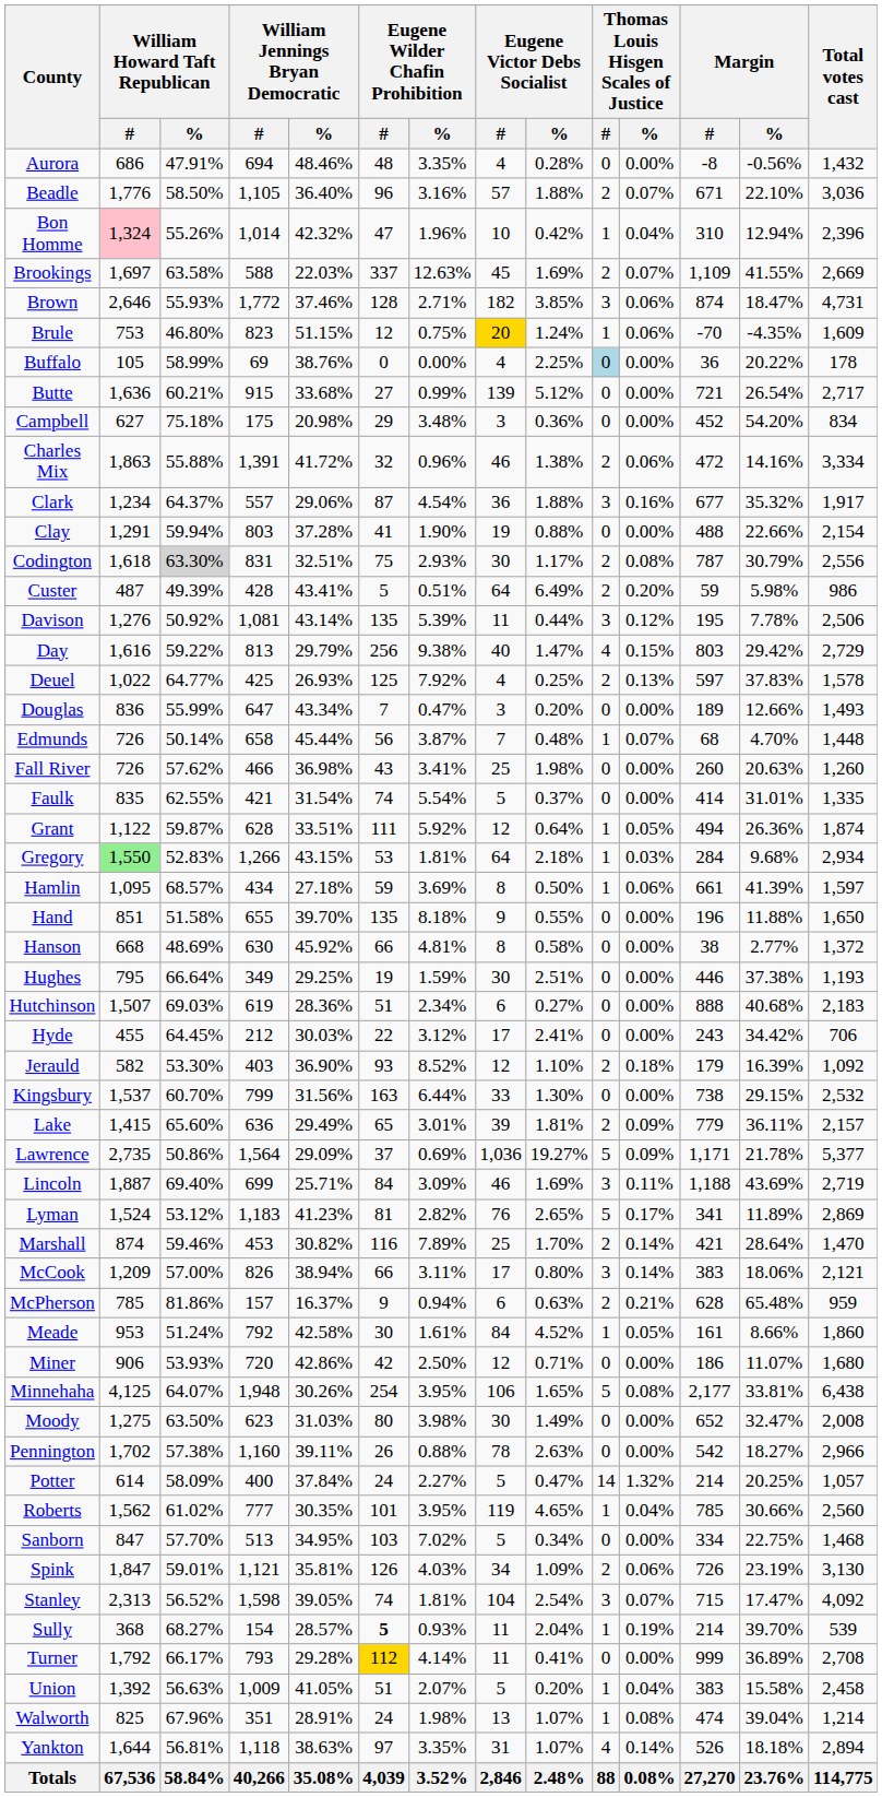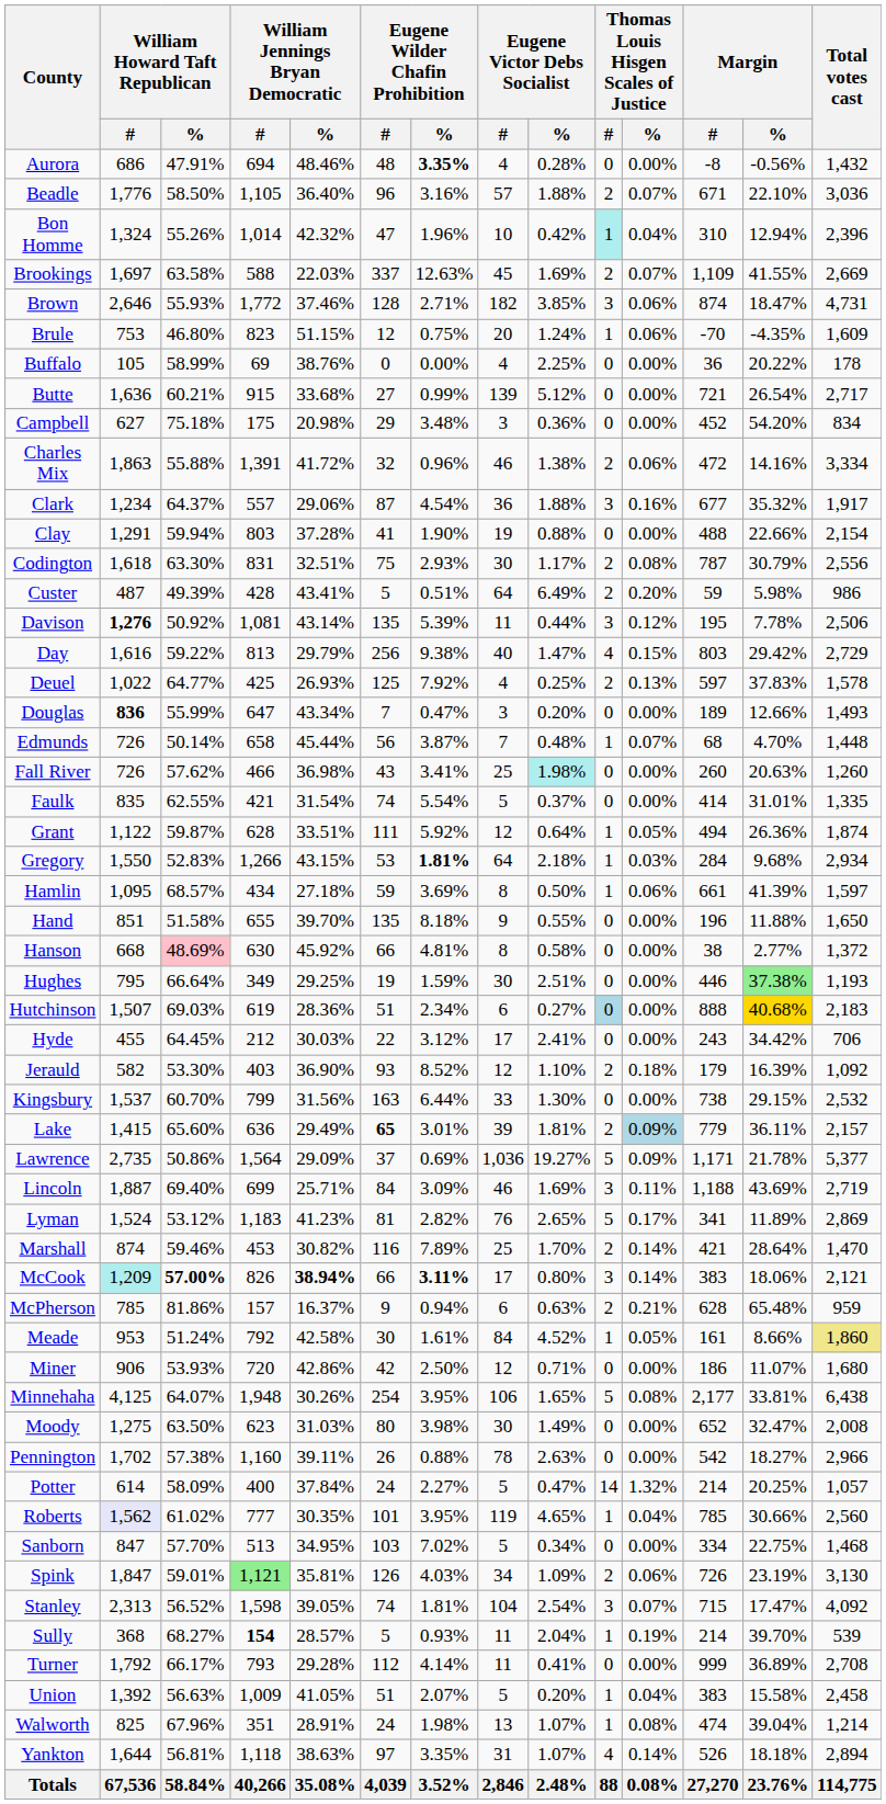 <table class="wikitable sortable">
 <tr>
 <th rowspan="2">County</th>
 <th colspan="2">William Howard Taft<br>Republican</th>
 <th colspan="2">William Jennings Bryan<br>Democratic</th>
 <th colspan="2">Eugene Wilder Chafin<br>Prohibition</th>
 <th colspan="2">Eugene Victor Debs<br>Socialist</th>
 <th colspan="2">Thomas Louis Hisgen<br>Scales of Justice</th>
 <th colspan="2">Margin</th>
 <th rowspan="2">Total votes cast</th>
 </tr>
 <tr bgcolor="lightgrey">
 <th data-sort-type="number">#</th>
 <th data-sort-type="number">%</th>
 <th data-sort-type="number">#</th>
 <th data-sort-type="number">%</th>
 <th data-sort-type="number">#</th>
 <th data-sort-type="number">%</th>
 <th data-sort-type="number">#</th>
 <th data-sort-type="number">%</th>
 <th data-sort-type="number">#</th>
 <th data-sort-type="number">%</th>
 <th data-sort-type="number">#</th>
 <th data-sort-type="number">%</th>
 </tr>
 <tr style="text-align:center;">
 <td><a href='#'>Aurora</a></td>
 <td>686</td>
 <td>47.91%</td>
 <td>694</td>
 <td>48.46%</td>
 <td>48</td>
-<td>3.35%</td>
+<td><strong>3.35%</strong></td>
 <td>4</td>
 <td>0.28%</td>
 <td>0</td>
 <td>0.00%</td>
 <td>-8</td>
 <td>-0.56%</td>
 <td>1,432</td>
 </tr>
 <tr style="text-align:center;">
 <td><a href='#'>Beadle</a></td>
 <td>1,776</td>
 <td>58.50%</td>
 <td>1,105</td>
 <td>36.40%</td>
 <td>96</td>
 <td>3.16%</td>
 <td>57</td>
 <td>1.88%</td>
 <td>2</td>
 <td>0.07%</td>
 <td>671</td>
 <td>22.10%</td>
 <td>3,036</td>
 </tr>
 <tr style="text-align:center;">
 <td><a href='#'>Bon Homme</a></td>
-<td style="background: pink;">1,324</td>
+<td>1,324</td>
 <td>55.26%</td>
 <td>1,014</td>
 <td>42.32%</td>
 <td>47</td>
 <td>1.96%</td>
 <td>10</td>
 <td>0.42%</td>
-<td>1</td>
+<td style="background: paleturquoise;">1</td>
 <td>0.04%</td>
 <td>310</td>
 <td>12.94%</td>
 <td>2,396</td>
 </tr>
 <tr style="text-align:center;">
 <td><a href='#'>Brookings</a></td>
 <td>1,697</td>
 <td>63.58%</td>
 <td>588</td>
 <td>22.03%</td>
 <td>337</td>
 <td>12.63%</td>
 <td>45</td>
 <td>1.69%</td>
 <td>2</td>
 <td>0.07%</td>
 <td>1,109</td>
 <td>41.55%</td>
 <td>2,669</td>
 </tr>
 <tr style="text-align:center;">
 <td><a href='#'>Brown</a></td>
 <td>2,646</td>
 <td>55.93%</td>
 <td>1,772</td>
 <td>37.46%</td>
 <td>128</td>
 <td>2.71%</td>
 <td>182</td>
 <td>3.85%</td>
 <td>3</td>
 <td>0.06%</td>
 <td>874</td>
 <td>18.47%</td>
 <td>4,731</td>
 </tr>
 <tr style="text-align:center;">
 <td><a href='#'>Brule</a></td>
 <td>753</td>
 <td>46.80%</td>
 <td>823</td>
 <td>51.15%</td>
 <td>12</td>
 <td>0.75%</td>
-<td style="background: gold;">20</td>
+<td>20</td>
 <td>1.24%</td>
 <td>1</td>
 <td>0.06%</td>
 <td>-70</td>
 <td>-4.35%</td>
 <td>1,609</td>
 </tr>
 <tr style="text-align:center;">
 <td><a href='#'>Buffalo</a></td>
 <td>105</td>
 <td>58.99%</td>
 <td>69</td>
 <td>38.76%</td>
 <td>0</td>
 <td>0.00%</td>
 <td>4</td>
 <td>2.25%</td>
-<td style="background: lightblue;">0</td>
+<td>0</td>
 <td>0.00%</td>
 <td>36</td>
 <td>20.22%</td>
 <td>178</td>
 </tr>
 <tr style="text-align:center;">
 <td><a href='#'>Butte</a></td>
 <td>1,636</td>
 <td>60.21%</td>
 <td>915</td>
 <td>33.68%</td>
 <td>27</td>
 <td>0.99%</td>
 <td>139</td>
 <td>5.12%</td>
 <td>0</td>
 <td>0.00%</td>
 <td>721</td>
 <td>26.54%</td>
 <td>2,717</td>
 </tr>
 <tr style="text-align:center;">
 <td><a href='#'>Campbell</a></td>
 <td>627</td>
 <td>75.18%</td>
 <td>175</td>
 <td>20.98%</td>
 <td>29</td>
 <td>3.48%</td>
 <td>3</td>
 <td>0.36%</td>
 <td>0</td>
 <td>0.00%</td>
 <td>452</td>
 <td>54.20%</td>
 <td>834</td>
 </tr>
 <tr style="text-align:center;">
 <td><a href='#'>Charles Mix</a></td>
 <td>1,863</td>
 <td>55.88%</td>
 <td>1,391</td>
 <td>41.72%</td>
 <td>32</td>
 <td>0.96%</td>
 <td>46</td>
 <td>1.38%</td>
 <td>2</td>
 <td>0.06%</td>
 <td>472</td>
 <td>14.16%</td>
 <td>3,334</td>
 </tr>
 <tr style="text-align:center;">
 <td><a href='#'>Clark</a></td>
 <td>1,234</td>
 <td>64.37%</td>
 <td>557</td>
 <td>29.06%</td>
 <td>87</td>
 <td>4.54%</td>
 <td>36</td>
 <td>1.88%</td>
 <td>3</td>
 <td>0.16%</td>
 <td>677</td>
 <td>35.32%</td>
 <td>1,917</td>
 </tr>
 <tr style="text-align:center;">
 <td><a href='#'>Clay</a></td>
 <td>1,291</td>
 <td>59.94%</td>
 <td>803</td>
 <td>37.28%</td>
 <td>41</td>
 <td>1.90%</td>
 <td>19</td>
 <td>0.88%</td>
 <td>0</td>
 <td>0.00%</td>
 <td>488</td>
 <td>22.66%</td>
 <td>2,154</td>
 </tr>
 <tr style="text-align:center;">
 <td><a href='#'>Codington</a></td>
 <td>1,618</td>
-<td style="background: lightgrey;">63.30%</td>
+<td>63.30%</td>
 <td>831</td>
 <td>32.51%</td>
 <td>75</td>
 <td>2.93%</td>
 <td>30</td>
 <td>1.17%</td>
 <td>2</td>
 <td>0.08%</td>
 <td>787</td>
 <td>30.79%</td>
 <td>2,556</td>
 </tr>
 <tr style="text-align:center;">
 <td><a href='#'>Custer</a></td>
 <td>487</td>
 <td>49.39%</td>
 <td>428</td>
 <td>43.41%</td>
 <td>5</td>
 <td>0.51%</td>
 <td>64</td>
 <td>6.49%</td>
 <td>2</td>
 <td>0.20%</td>
 <td>59</td>
 <td>5.98%</td>
 <td>986</td>
 </tr>
 <tr style="text-align:center;">
 <td><a href='#'>Davison</a></td>
-<td>1,276</td>
+<td><strong>1,276</strong></td>
 <td>50.92%</td>
 <td>1,081</td>
 <td>43.14%</td>
 <td>135</td>
 <td>5.39%</td>
 <td>11</td>
 <td>0.44%</td>
 <td>3</td>
 <td>0.12%</td>
 <td>195</td>
 <td>7.78%</td>
 <td>2,506</td>
 </tr>
 <tr style="text-align:center;">
 <td><a href='#'>Day</a></td>
 <td>1,616</td>
 <td>59.22%</td>
 <td>813</td>
 <td>29.79%</td>
 <td>256</td>
 <td>9.38%</td>
 <td>40</td>
 <td>1.47%</td>
 <td>4</td>
 <td>0.15%</td>
 <td>803</td>
 <td>29.42%</td>
 <td>2,729</td>
 </tr>
 <tr style="text-align:center;">
 <td><a href='#'>Deuel</a></td>
 <td>1,022</td>
 <td>64.77%</td>
 <td>425</td>
 <td>26.93%</td>
 <td>125</td>
 <td>7.92%</td>
 <td>4</td>
 <td>0.25%</td>
 <td>2</td>
 <td>0.13%</td>
 <td>597</td>
 <td>37.83%</td>
 <td>1,578</td>
 </tr>
 <tr style="text-align:center;">
 <td><a href='#'>Douglas</a></td>
-<td>836</td>
+<td><strong>836</strong></td>
 <td>55.99%</td>
 <td>647</td>
 <td>43.34%</td>
 <td>7</td>
 <td>0.47%</td>
 <td>3</td>
 <td>0.20%</td>
 <td>0</td>
 <td>0.00%</td>
 <td>189</td>
 <td>12.66%</td>
 <td>1,493</td>
 </tr>
 <tr style="text-align:center;">
 <td><a href='#'>Edmunds</a></td>
 <td>726</td>
 <td>50.14%</td>
 <td>658</td>
 <td>45.44%</td>
 <td>56</td>
 <td>3.87%</td>
 <td>7</td>
 <td>0.48%</td>
 <td>1</td>
 <td>0.07%</td>
 <td>68</td>
 <td>4.70%</td>
 <td>1,448</td>
 </tr>
 <tr style="text-align:center;">
 <td><a href='#'>Fall River</a></td>
 <td>726</td>
 <td>57.62%</td>
 <td>466</td>
 <td>36.98%</td>
 <td>43</td>
 <td>3.41%</td>
 <td>25</td>
-<td>1.98%</td>
+<td style="background: paleturquoise;">1.98%</td>
 <td>0</td>
 <td>0.00%</td>
 <td>260</td>
 <td>20.63%</td>
 <td>1,260</td>
 </tr>
 <tr style="text-align:center;">
 <td><a href='#'>Faulk</a></td>
 <td>835</td>
 <td>62.55%</td>
 <td>421</td>
 <td>31.54%</td>
 <td>74</td>
 <td>5.54%</td>
 <td>5</td>
 <td>0.37%</td>
 <td>0</td>
 <td>0.00%</td>
 <td>414</td>
 <td>31.01%</td>
 <td>1,335</td>
 </tr>
 <tr style="text-align:center;">
 <td><a href='#'>Grant</a></td>
 <td>1,122</td>
 <td>59.87%</td>
 <td>628</td>
 <td>33.51%</td>
 <td>111</td>
 <td>5.92%</td>
 <td>12</td>
 <td>0.64%</td>
 <td>1</td>
 <td>0.05%</td>
 <td>494</td>
 <td>26.36%</td>
 <td>1,874</td>
 </tr>
 <tr style="text-align:center;">
 <td><a href='#'>Gregory</a></td>
-<td style="background: lightgreen;">1,550</td>
+<td>1,550</td>
 <td>52.83%</td>
 <td>1,266</td>
 <td>43.15%</td>
 <td>53</td>
-<td>1.81%</td>
+<td><strong>1.81%</strong></td>
 <td>64</td>
 <td>2.18%</td>
 <td>1</td>
 <td>0.03%</td>
 <td>284</td>
 <td>9.68%</td>
 <td>2,934</td>
 </tr>
 <tr style="text-align:center;">
 <td><a href='#'>Hamlin</a></td>
 <td>1,095</td>
 <td>68.57%</td>
 <td>434</td>
 <td>27.18%</td>
 <td>59</td>
 <td>3.69%</td>
 <td>8</td>
 <td>0.50%</td>
 <td>1</td>
 <td>0.06%</td>
 <td>661</td>
 <td>41.39%</td>
 <td>1,597</td>
 </tr>
 <tr style="text-align:center;">
 <td><a href='#'>Hand</a></td>
 <td>851</td>
 <td>51.58%</td>
 <td>655</td>
 <td>39.70%</td>
 <td>135</td>
 <td>8.18%</td>
 <td>9</td>
 <td>0.55%</td>
 <td>0</td>
 <td>0.00%</td>
 <td>196</td>
 <td>11.88%</td>
 <td>1,650</td>
 </tr>
 <tr style="text-align:center;">
 <td><a href='#'>Hanson</a></td>
 <td>668</td>
-<td>48.69%</td>
+<td style="background: pink;">48.69%</td>
 <td>630</td>
 <td>45.92%</td>
 <td>66</td>
 <td>4.81%</td>
 <td>8</td>
 <td>0.58%</td>
 <td>0</td>
 <td>0.00%</td>
 <td>38</td>
 <td>2.77%</td>
 <td>1,372</td>
 </tr>
 <tr style="text-align:center;">
 <td><a href='#'>Hughes</a></td>
 <td>795</td>
 <td>66.64%</td>
 <td>349</td>
 <td>29.25%</td>
 <td>19</td>
 <td>1.59%</td>
 <td>30</td>
 <td>2.51%</td>
 <td>0</td>
 <td>0.00%</td>
 <td>446</td>
-<td>37.38%</td>
+<td style="background: lightgreen;">37.38%</td>
 <td>1,193</td>
 </tr>
 <tr style="text-align:center;">
 <td><a href='#'>Hutchinson</a></td>
 <td>1,507</td>
 <td>69.03%</td>
 <td>619</td>
 <td>28.36%</td>
 <td>51</td>
 <td>2.34%</td>
 <td>6</td>
 <td>0.27%</td>
-<td>0</td>
+<td style="background: lightblue;">0</td>
 <td>0.00%</td>
 <td>888</td>
-<td>40.68%</td>
+<td style="background: gold;">40.68%</td>
 <td>2,183</td>
 </tr>
 <tr style="text-align:center;">
 <td><a href='#'>Hyde</a></td>
 <td>455</td>
 <td>64.45%</td>
 <td>212</td>
 <td>30.03%</td>
 <td>22</td>
 <td>3.12%</td>
 <td>17</td>
 <td>2.41%</td>
 <td>0</td>
 <td>0.00%</td>
 <td>243</td>
 <td>34.42%</td>
 <td>706</td>
 </tr>
 <tr style="text-align:center;">
 <td><a href='#'>Jerauld</a></td>
 <td>582</td>
 <td>53.30%</td>
 <td>403</td>
 <td>36.90%</td>
 <td>93</td>
 <td>8.52%</td>
 <td>12</td>
 <td>1.10%</td>
 <td>2</td>
 <td>0.18%</td>
 <td>179</td>
 <td>16.39%</td>
 <td>1,092</td>
 </tr>
 <tr style="text-align:center;">
 <td><a href='#'>Kingsbury</a></td>
 <td>1,537</td>
 <td>60.70%</td>
 <td>799</td>
 <td>31.56%</td>
 <td>163</td>
 <td>6.44%</td>
 <td>33</td>
 <td>1.30%</td>
 <td>0</td>
 <td>0.00%</td>
 <td>738</td>
 <td>29.15%</td>
 <td>2,532</td>
 </tr>
 <tr style="text-align:center;">
 <td><a href='#'>Lake</a></td>
 <td>1,415</td>
 <td>65.60%</td>
 <td>636</td>
 <td>29.49%</td>
-<td>65</td>
+<td><strong>65</strong></td>
 <td>3.01%</td>
 <td>39</td>
 <td>1.81%</td>
 <td>2</td>
-<td>0.09%</td>
+<td style="background: lightblue;">0.09%</td>
 <td>779</td>
 <td>36.11%</td>
 <td>2,157</td>
 </tr>
 <tr style="text-align:center;">
 <td><a href='#'>Lawrence</a></td>
 <td>2,735</td>
 <td>50.86%</td>
 <td>1,564</td>
 <td>29.09%</td>
 <td>37</td>
 <td>0.69%</td>
 <td>1,036</td>
 <td>19.27%</td>
 <td>5</td>
 <td>0.09%</td>
 <td>1,171</td>
 <td>21.78%</td>
 <td>5,377</td>
 </tr>
 <tr style="text-align:center;">
 <td><a href='#'>Lincoln</a></td>
 <td>1,887</td>
 <td>69.40%</td>
 <td>699</td>
 <td>25.71%</td>
 <td>84</td>
 <td>3.09%</td>
 <td>46</td>
 <td>1.69%</td>
 <td>3</td>
 <td>0.11%</td>
 <td>1,188</td>
 <td>43.69%</td>
 <td>2,719</td>
 </tr>
 <tr style="text-align:center;">
 <td><a href='#'>Lyman</a></td>
 <td>1,524</td>
 <td>53.12%</td>
 <td>1,183</td>
 <td>41.23%</td>
 <td>81</td>
 <td>2.82%</td>
 <td>76</td>
 <td>2.65%</td>
 <td>5</td>
 <td>0.17%</td>
 <td>341</td>
 <td>11.89%</td>
 <td>2,869</td>
 </tr>
 <tr style="text-align:center;">
 <td><a href='#'>Marshall</a></td>
 <td>874</td>
 <td>59.46%</td>
 <td>453</td>
 <td>30.82%</td>
 <td>116</td>
 <td>7.89%</td>
 <td>25</td>
 <td>1.70%</td>
 <td>2</td>
 <td>0.14%</td>
 <td>421</td>
 <td>28.64%</td>
 <td>1,470</td>
 </tr>
 <tr style="text-align:center;">
 <td><a href='#'>McCook</a></td>
-<td>1,209</td>
-<td>57.00%</td>
+<td style="background: paleturquoise;">1,209</td>
+<td><strong>57.00%</strong></td>
 <td>826</td>
-<td>38.94%</td>
+<td><strong>38.94%</strong></td>
 <td>66</td>
-<td>3.11%</td>
+<td><strong>3.11%</strong></td>
 <td>17</td>
 <td>0.80%</td>
 <td>3</td>
 <td>0.14%</td>
 <td>383</td>
 <td>18.06%</td>
 <td>2,121</td>
 </tr>
 <tr style="text-align:center;">
 <td><a href='#'>McPherson</a></td>
 <td>785</td>
 <td>81.86%</td>
 <td>157</td>
 <td>16.37%</td>
 <td>9</td>
 <td>0.94%</td>
 <td>6</td>
 <td>0.63%</td>
 <td>2</td>
 <td>0.21%</td>
 <td>628</td>
 <td>65.48%</td>
 <td>959</td>
 </tr>
 <tr style="text-align:center;">
 <td><a href='#'>Meade</a></td>
 <td>953</td>
 <td>51.24%</td>
 <td>792</td>
 <td>42.58%</td>
 <td>30</td>
 <td>1.61%</td>
 <td>84</td>
 <td>4.52%</td>
 <td>1</td>
 <td>0.05%</td>
 <td>161</td>
 <td>8.66%</td>
-<td>1,860</td>
+<td style="background: khaki;">1,860</td>
 </tr>
 <tr style="text-align:center;">
 <td><a href='#'>Miner</a></td>
 <td>906</td>
 <td>53.93%</td>
 <td>720</td>
 <td>42.86%</td>
 <td>42</td>
 <td>2.50%</td>
 <td>12</td>
 <td>0.71%</td>
 <td>0</td>
 <td>0.00%</td>
 <td>186</td>
 <td>11.07%</td>
 <td>1,680</td>
 </tr>
 <tr style="text-align:center;">
 <td><a href='#'>Minnehaha</a></td>
 <td>4,125</td>
 <td>64.07%</td>
 <td>1,948</td>
 <td>30.26%</td>
 <td>254</td>
 <td>3.95%</td>
 <td>106</td>
 <td>1.65%</td>
 <td>5</td>
 <td>0.08%</td>
 <td>2,177</td>
 <td>33.81%</td>
 <td>6,438</td>
 </tr>
 <tr style="text-align:center;">
 <td><a href='#'>Moody</a></td>
 <td>1,275</td>
 <td>63.50%</td>
 <td>623</td>
 <td>31.03%</td>
 <td>80</td>
 <td>3.98%</td>
 <td>30</td>
 <td>1.49%</td>
 <td>0</td>
 <td>0.00%</td>
 <td>652</td>
 <td>32.47%</td>
 <td>2,008</td>
 </tr>
 <tr style="text-align:center;">
 <td><a href='#'>Pennington</a></td>
 <td>1,702</td>
 <td>57.38%</td>
 <td>1,160</td>
 <td>39.11%</td>
 <td>26</td>
 <td>0.88%</td>
 <td>78</td>
 <td>2.63%</td>
 <td>0</td>
 <td>0.00%</td>
 <td>542</td>
 <td>18.27%</td>
 <td>2,966</td>
 </tr>
 <tr style="text-align:center;">
 <td><a href='#'>Potter</a></td>
 <td>614</td>
 <td>58.09%</td>
 <td>400</td>
 <td>37.84%</td>
 <td>24</td>
 <td>2.27%</td>
 <td>5</td>
 <td>0.47%</td>
 <td>14</td>
 <td>1.32%</td>
 <td>214</td>
 <td>20.25%</td>
 <td>1,057</td>
 </tr>
 <tr style="text-align:center;">
 <td><a href='#'>Roberts</a></td>
-<td>1,562</td>
+<td style="background: lavender;">1,562</td>
 <td>61.02%</td>
 <td>777</td>
 <td>30.35%</td>
 <td>101</td>
 <td>3.95%</td>
 <td>119</td>
 <td>4.65%</td>
 <td>1</td>
 <td>0.04%</td>
 <td>785</td>
 <td>30.66%</td>
 <td>2,560</td>
 </tr>
 <tr style="text-align:center;">
 <td><a href='#'>Sanborn</a></td>
 <td>847</td>
 <td>57.70%</td>
 <td>513</td>
 <td>34.95%</td>
 <td>103</td>
 <td>7.02%</td>
 <td>5</td>
 <td>0.34%</td>
 <td>0</td>
 <td>0.00%</td>
 <td>334</td>
 <td>22.75%</td>
 <td>1,468</td>
 </tr>
 <tr style="text-align:center;">
 <td><a href='#'>Spink</a></td>
 <td>1,847</td>
 <td>59.01%</td>
-<td>1,121</td>
+<td style="background: lightgreen;">1,121</td>
 <td>35.81%</td>
 <td>126</td>
 <td>4.03%</td>
 <td>34</td>
 <td>1.09%</td>
 <td>2</td>
 <td>0.06%</td>
 <td>726</td>
 <td>23.19%</td>
 <td>3,130</td>
 </tr>
 <tr style="text-align:center;">
 <td><a href='#'>Stanley</a></td>
 <td>2,313</td>
 <td>56.52%</td>
 <td>1,598</td>
 <td>39.05%</td>
 <td>74</td>
 <td>1.81%</td>
 <td>104</td>
 <td>2.54%</td>
 <td>3</td>
 <td>0.07%</td>
 <td>715</td>
 <td>17.47%</td>
 <td>4,092</td>
 </tr>
 <tr style="text-align:center;">
 <td><a href='#'>Sully</a></td>
 <td>368</td>
 <td>68.27%</td>
-<td>154</td>
+<td><strong>154</strong></td>
 <td>28.57%</td>
-<td><strong>5</strong></td>
+<td>5</td>
 <td>0.93%</td>
 <td>11</td>
 <td>2.04%</td>
 <td>1</td>
 <td>0.19%</td>
 <td>214</td>
 <td>39.70%</td>
 <td>539</td>
 </tr>
 <tr style="text-align:center;">
 <td><a href='#'>Turner</a></td>
 <td>1,792</td>
 <td>66.17%</td>
 <td>793</td>
 <td>29.28%</td>
-<td style="background: gold;">112</td>
+<td>112</td>
 <td>4.14%</td>
 <td>11</td>
 <td>0.41%</td>
 <td>0</td>
 <td>0.00%</td>
 <td>999</td>
 <td>36.89%</td>
 <td>2,708</td>
 </tr>
 <tr style="text-align:center;">
 <td><a href='#'>Union</a></td>
 <td>1,392</td>
 <td>56.63%</td>
 <td>1,009</td>
 <td>41.05%</td>
 <td>51</td>
 <td>2.07%</td>
 <td>5</td>
 <td>0.20%</td>
 <td>1</td>
 <td>0.04%</td>
 <td>383</td>
 <td>15.58%</td>
 <td>2,458</td>
 </tr>
 <tr style="text-align:center;">
 <td><a href='#'>Walworth</a></td>
 <td>825</td>
 <td>67.96%</td>
 <td>351</td>
 <td>28.91%</td>
 <td>24</td>
 <td>1.98%</td>
 <td>13</td>
 <td>1.07%</td>
 <td>1</td>
 <td>0.08%</td>
 <td>474</td>
 <td>39.04%</td>
 <td>1,214</td>
 </tr>
 <tr style="text-align:center;">
 <td><a href='#'>Yankton</a></td>
 <td>1,644</td>
 <td>56.81%</td>
 <td>1,118</td>
 <td>38.63%</td>
 <td>97</td>
 <td>3.35%</td>
 <td>31</td>
 <td>1.07%</td>
 <td>4</td>
 <td>0.14%</td>
 <td>526</td>
 <td>18.18%</td>
 <td>2,894</td>
 </tr>
 <tr style="text-align:center;">
 <th>Totals</th>
 <th>67,536</th>
 <th>58.84%</th>
 <th>40,266</th>
 <th>35.08%</th>
 <th>4,039</th>
 <th>3.52%</th>
 <th>2,846</th>
 <th>2.48%</th>
 <th>88</th>
 <th>0.08%</th>
 <th>27,270</th>
 <th>23.76%</th>
 <th>114,775</th>
 </tr>
 </table>
